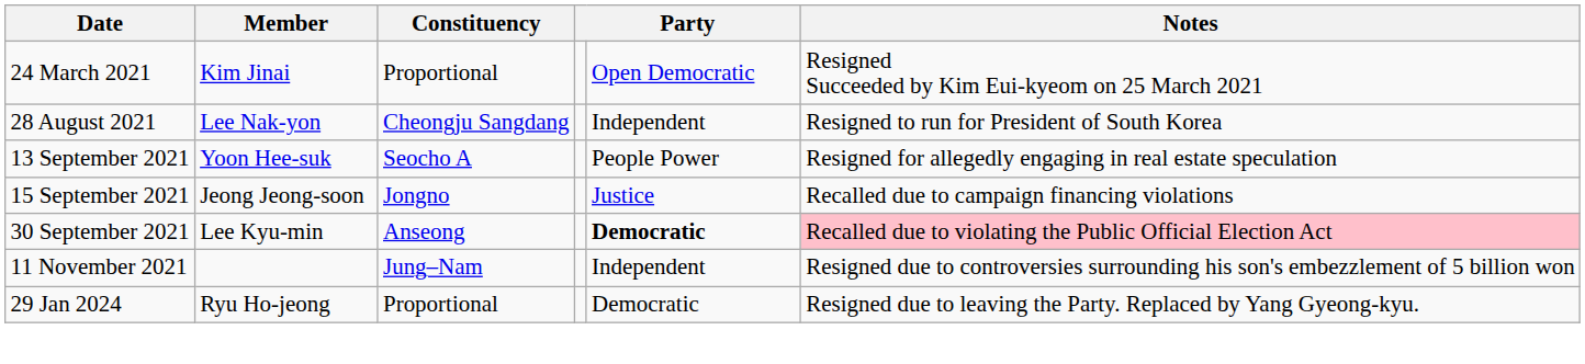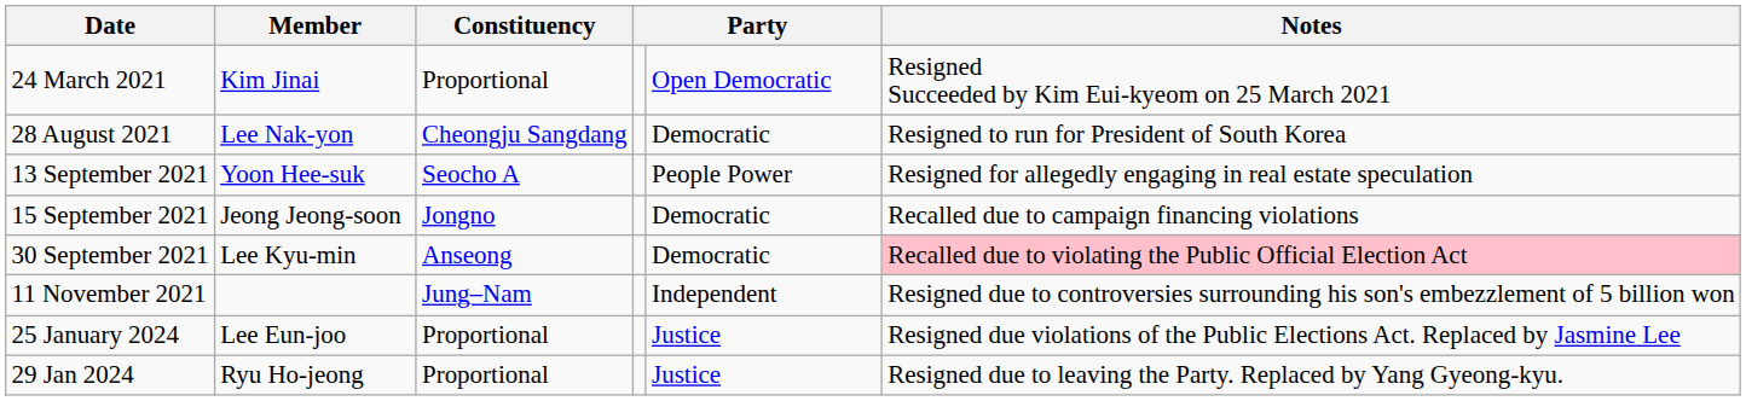 <table class="wikitable sortable plainrowheaders">
 <tr>
 <th>Date</th>
 <th style="width:120px;">Member</th>
 <th>Constituency</th>
 <th colspan="2" style="width:150px;">Party</th>
 <th class="unsortable">Notes</th>
 </tr>
 <tr>
 <td>24 March 2021</td>
 <td><a href='#'>Kim Jinai</a></td>
 <td>Proportional</td>
 <td width="1" scope="row" rowspan="1" style="background-color:"></td>
 <td><a href='#'>Open Democratic</a></td>
 <td>Resigned<br>Succeeded by Kim Eui-kyeom on 25 March 2021</td>
 </tr>
 <tr>
 <td>28 August 2021</td>
 <td><a href='#'>Lee Nak-yon</a></td>
 <td><a href='#'>Cheongju Sangdang</a></td>
 <td width="1" scope="row" rowspan="1" style="background-color:"></td>
-<td>Independent</td>
+<td>Democratic</td>
 <td>Resigned to run for President of South Korea</td>
 </tr>
 <tr>
 <td>13 September 2021</td>
 <td><a href='#'>Yoon Hee-suk</a></td>
 <td><a href='#'>Seocho A</a></td>
 <td width="1" scope="row" rowspan="1" style="background-color:"></td>
 <td>People Power</td>
 <td>Resigned for allegedly engaging in real estate speculation</td>
 </tr>
 <tr>
 <td>15 September 2021</td>
 <td>Jeong Jeong-soon</td>
 <td><a href='#'>Jongno</a></td>
 <td width="1" scope="row" rowspan="1" style="background-color:"></td>
-<td><a href='#'>Justice</a></td>
+<td>Democratic</td>
 <td>Recalled due to campaign financing violations</td>
 </tr>
 <tr>
 <td>30 September 2021</td>
 <td>Lee Kyu-min</td>
 <td><a href='#'>Anseong</a></td>
 <td width="1" scope="row" rowspan="1" style="background-color:"></td>
-<td><strong>Democratic</strong></td>
+<td>Democratic</td>
 <td style="background: pink;">Recalled due to violating the Public Official Election Act</td>
 </tr>
 <tr>
 <td>11 November 2021</td>
 <td></td>
 <td><a href='#'>Jung–Nam</a></td>
 <td width="1" scope="row" rowspan="1" style="background-color:"></td>
 <td>Independent</td>
 <td>Resigned due to controversies surrounding his son's embezzlement of 5 billion won</td>
 </tr>
 <tr>
+<td>25 January 2024</td>
+<td>Lee Eun-joo</td>
+<td>Proportional</td>
+<td width="1" scope="row" rowspan="1" style="background-color:"></td>
+<td><a href='#'>Justice</a></td>
+<td>Resigned due violations of the Public Elections Act. Replaced by <a href='#'>Jasmine Lee</a></td>
+</tr>
+<tr>
 <td>29 Jan 2024</td>
 <td>Ryu Ho-jeong</td>
 <td>Proportional</td>
 <td width="1" scope="row" rowspan="1" style="background-color:"></td>
-<td>Democratic</td>
+<td><a href='#'>Justice</a></td>
 <td>Resigned due to leaving the Party. Replaced by Yang Gyeong-kyu.</td>
 </tr>
 </table>
